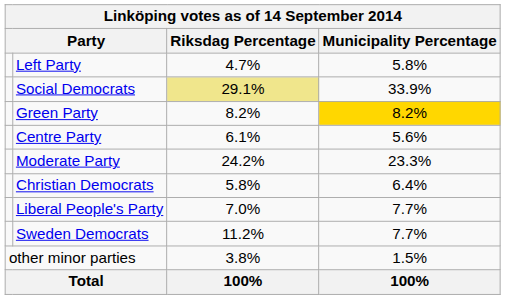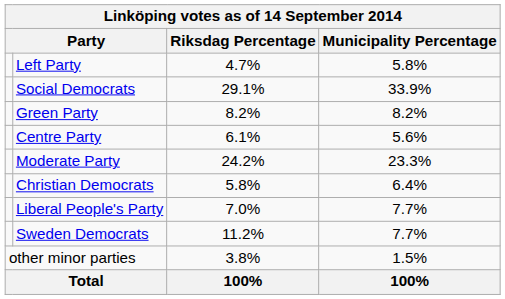 <table class=wikitable style="float:right; margin-left:1em">
 <tr>
 <th colspan = 6>Linköping votes as of 14 September 2014</th>
 </tr>
 <tr>
 <th colspan = 2>Party</th>
 <th>Riksdag Percentage</th>
 <th>Municipality Percentage</th>
 </tr>
 <tr>
 <td></td>
 <td><a href='#'>Left Party</a></td>
 <td style="text-align:center;">4.7%</td>
 <td style="text-align:center;">5.8%</td>
 </tr>
 <tr>
 <td></td>
 <td><a href='#'>Social Democrats</a></td>
-<td style="background: khaki; text-align:center;">29.1%</td>
+<td style="text-align:center;">29.1%</td>
 <td style="text-align:center;">33.9%</td>
 </tr>
 <tr>
 <td></td>
 <td><a href='#'>Green Party</a></td>
 <td style="text-align:center;">8.2%</td>
-<td style="background: gold; text-align:center;">8.2%</td>
+<td style="text-align:center;">8.2%</td>
 </tr>
 <tr>
 <td></td>
 <td><a href='#'>Centre Party</a></td>
 <td style="text-align:center;">6.1%</td>
 <td style="text-align:center;">5.6%</td>
 </tr>
 <tr>
 <td></td>
 <td><a href='#'>Moderate Party</a></td>
 <td style="text-align:center;">24.2%</td>
 <td style="text-align:center;">23.3%</td>
 </tr>
 <tr>
 <td></td>
 <td><a href='#'>Christian Democrats</a></td>
 <td style="text-align:center;">5.8%</td>
 <td style="text-align:center;">6.4%</td>
 </tr>
 <tr>
 <td></td>
 <td><a href='#'>Liberal People's Party</a></td>
 <td style="text-align:center;">7.0%</td>
 <td style="text-align:center;">7.7%</td>
 </tr>
 <tr>
 <td></td>
 <td><a href='#'>Sweden Democrats</a></td>
 <td style="text-align:center;">11.2%</td>
 <td style="text-align:center;">7.7%</td>
 </tr>
 <tr>
 <td rowspan=1 colspan=2 align="left">other minor parties</td>
 <td style="text-align:center;">3.8%</td>
 <td style="text-align:center;">1.5%</td>
 </tr>
 <tr>
 <th colspan = 2>Total</th>
 <th style="text-align:center;">100%</th>
 <th style="text-align:center;">100%</th>
 </tr>
 </table>
